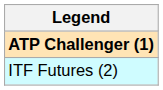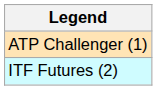 <table class=wikitable style=font-size:97%>
 <tr>
 <th>Legend</th>
 </tr>
 <tr bgcolor=moccasin>
-<td><strong>ATP Challenger (1)</strong></td>
+<td>ATP Challenger (1)</td>
 </tr>
 <tr bgcolor=cffcff>
 <td>ITF Futures (2)</td>
 </tr>
 </table>
